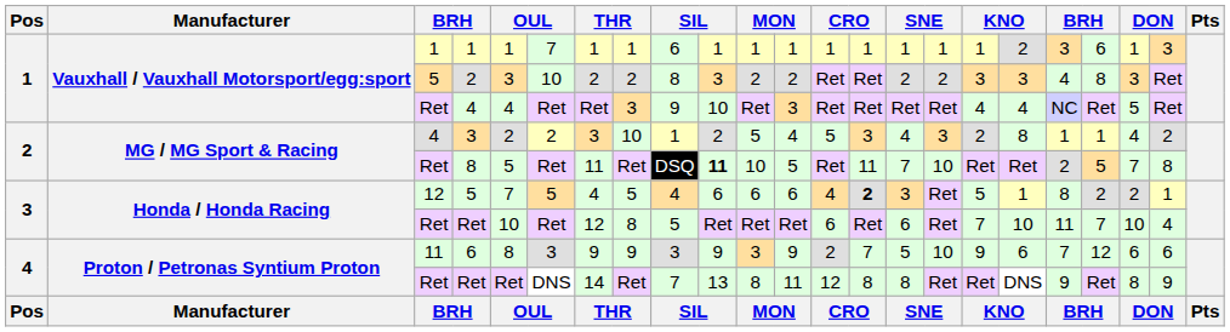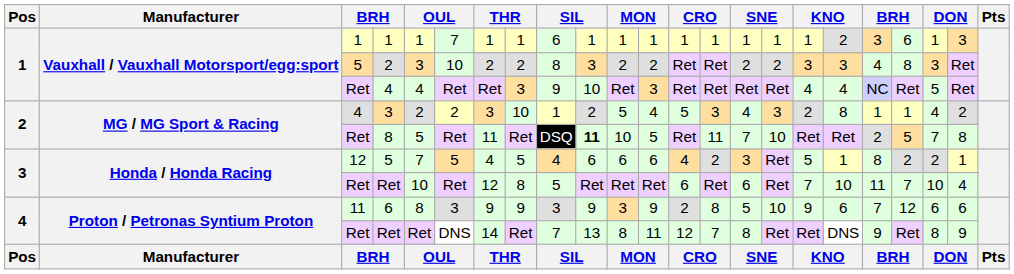 <table class="wikitable" style="font-size: 85%; text-align: center;">
 <tr valign="top">
 <th valign="middle">Pos</th>
 <th valign="middle">Manufacturer</th>
 <th colspan="2"><a href='#'>BRH</a></th>
 <th colspan="2"><a href='#'>OUL</a></th>
 <th colspan="2"><a href='#'>THR</a></th>
 <th colspan="2"><a href='#'>SIL</a></th>
 <th colspan="2"><a href='#'>MON</a></th>
 <th colspan="2"><a href='#'>CRO</a></th>
 <th colspan="2"><a href='#'>SNE</a></th>
 <th colspan="2"><a href='#'>KNO</a></th>
 <th colspan="2"><a href='#'>BRH</a></th>
 <th colspan="2"><a href='#'>DON</a></th>
 <th valign=middle>Pts</th>
 </tr>
 <tr>
 <th rowspan=3>1</th>
 <th rowspan=3 align=left nowrap><a href='#'>Vauxhall</a> / <a href='#'>Vauxhall Motorsport/egg:sport</a></th>
 <td style="background:#FFFFBF;">1</td>
 <td style="background:#FFFFBF;">1</td>
 <td style="background:#FFFFBF;">1</td>
 <td style="background:#DFFFDF;">7</td>
 <td style="background:#FFFFBF;">1</td>
 <td style="background:#FFFFBF;">1</td>
 <td style="background:#DFFFDF;">6</td>
 <td style="background:#FFFFBF;">1</td>
 <td style="background:#FFFFBF;">1</td>
 <td style="background:#FFFFBF;">1</td>
 <td style="background:#FFFFBF;">1</td>
 <td style="background:#FFFFBF;">1</td>
 <td style="background:#FFFFBF;">1</td>
 <td style="background:#FFFFBF;">1</td>
 <td style="background:#FFFFBF;">1</td>
 <td style="background:#DFDFDF;">2</td>
 <td style="background:#FFDF9F;">3</td>
 <td style="background:#DFFFDF;">6</td>
 <td style="background:#FFFFBF;">1</td>
 <td style="background:#FFDF9F;">3</td>
 <th rowspan=3></th>
 </tr>
 <tr>
 <td style="background:#FFDF9F;">5</td>
 <td style="background:#DFDFDF;">2</td>
 <td style="background:#FFDF9F;">3</td>
 <td style="background:#DFFFDF;">10</td>
 <td style="background:#DFDFDF;">2</td>
 <td style="background:#DFDFDF;">2</td>
 <td style="background:#DFFFDF;">8</td>
 <td style="background:#FFDF9F;">3</td>
 <td style="background:#DFDFDF;">2</td>
 <td style="background:#DFDFDF;">2</td>
 <td style="background:#EFCFFF;">Ret</td>
 <td style="background:#EFCFFF;">Ret</td>
 <td style="background:#DFDFDF;">2</td>
 <td style="background:#DFDFDF;">2</td>
 <td style="background:#FFDF9F;">3</td>
 <td style="background:#FFDF9F;">3</td>
 <td style="background:#DFFFDF;">4</td>
 <td style="background:#DFFFDF;">8</td>
 <td style="background:#FFDF9F;">3</td>
 <td style="background:#EFCFFF;">Ret</td>
 </tr>
 <tr>
 <td style="background:#EFCFFF;">Ret</td>
 <td style="background:#DFFFDF;">4</td>
 <td style="background:#DFFFDF;">4</td>
 <td style="background:#EFCFFF;">Ret</td>
 <td style="background:#EFCFFF;">Ret</td>
 <td style="background:#FFDF9F;">3</td>
 <td style="background:#DFFFDF;">9</td>
 <td style="background:#DFFFDF;">10</td>
 <td style="background:#EFCFFF;">Ret</td>
 <td style="background:#FFDF9F;">3</td>
 <td style="background:#EFCFFF;">Ret</td>
 <td style="background:#EFCFFF;">Ret</td>
 <td style="background:#EFCFFF;">Ret</td>
 <td style="background:#EFCFFF;">Ret</td>
 <td style="background:#DFFFDF;">4</td>
 <td style="background:#DFFFDF;">4</td>
 <td style="background:#CFCFFF;">NC</td>
 <td style="background:#EFCFFF;">Ret</td>
 <td style="background:#DFFFDF;">5</td>
 <td style="background:#EFCFFF;">Ret</td>
 </tr>
 <tr>
 <th rowspan=2>2</th>
 <th rowspan=2 align=left><a href='#'>MG</a> / <a href='#'>MG Sport & Racing</a></th>
 <td style="background:#DFDFDF;">4</td>
 <td style="background:#FFDF9F;">3</td>
 <td style="background:#DFDFDF;">2</td>
 <td style="background:#FFFFBF;">2</td>
 <td style="background:#FFDF9F;">3</td>
 <td style="background:#DFFFDF;">10</td>
 <td style="background:#FFFFBF;">1</td>
 <td style="background:#DFDFDF;">2</td>
 <td style="background:#DFFFDF;">5</td>
 <td style="background:#DFFFDF;">4</td>
 <td style="background:#DFFFDF;">5</td>
 <td style="background:#FFDF9F;">3</td>
 <td style="background:#DFFFDF;">4</td>
 <td style="background:#FFDF9F;">3</td>
 <td style="background:#DFDFDF;">2</td>
 <td style="background:#DFFFDF;">8</td>
 <td style="background:#FFFFBF;">1</td>
 <td style="background:#FFFFBF;">1</td>
 <td style="background:#DFFFDF;">4</td>
 <td style="background:#DFDFDF;">2</td>
 <th rowspan=2></th>
 </tr>
 <tr>
 <td style="background:#EFCFFF;">Ret</td>
 <td style="background:#DFFFDF;">8</td>
 <td style="background:#DFFFDF;">5</td>
 <td style="background:#EFCFFF;">Ret</td>
 <td style="background:#DFFFDF;">11</td>
 <td style="background:#EFCFFF;">Ret</td>
 <td style="background:#000000; color:white">DSQ</td>
 <td style="background:#DFFFDF;"><strong>11</strong></td>
 <td style="background:#DFFFDF;">10</td>
 <td style="background:#DFFFDF;">5</td>
 <td style="background:#EFCFFF;">Ret</td>
 <td style="background:#DFFFDF;">11</td>
 <td style="background:#DFFFDF;">7</td>
 <td style="background:#DFFFDF;">10</td>
 <td style="background:#EFCFFF;">Ret</td>
 <td style="background:#EFCFFF;">Ret</td>
 <td style="background:#DFDFDF;">2</td>
 <td style="background:#FFDF9F;">5</td>
 <td style="background:#DFFFDF;">7</td>
 <td style="background:#DFFFDF;">8</td>
 </tr>
 <tr>
 <th rowspan=2>3</th>
 <th rowspan=2 align=left><a href='#'>Honda</a> / <a href='#'>Honda Racing</a></th>
 <td style="background:#DFFFDF;">12</td>
 <td style="background:#DFFFDF;">5</td>
 <td style="background:#DFFFDF;">7</td>
 <td style="background:#FFDF9F;">5</td>
 <td style="background:#DFFFDF;">4</td>
 <td style="background:#DFFFDF;">5</td>
 <td style="background:#FFDF9F;">4</td>
 <td style="background:#DFFFDF;">6</td>
 <td style="background:#DFFFDF;">6</td>
 <td style="background:#DFFFDF;">6</td>
 <td style="background:#FFDF9F;">4</td>
-<td style="background:#DFDFDF;"><strong>2</strong></td>
+<td style="background:#DFDFDF;">2</td>
 <td style="background:#FFDF9F;">3</td>
 <td style="background:#EFCFFF;">Ret</td>
 <td style="background:#DFFFDF;">5</td>
 <td style="background:#FFFFBF;">1</td>
 <td style="background:#DFFFDF;">8</td>
 <td style="background:#DFDFDF;">2</td>
 <td style="background:#DFDFDF;">2</td>
 <td style="background:#FFFFBF;">1</td>
 <th rowspan=2></th>
 </tr>
 <tr>
 <td style="background:#EFCFFF;">Ret</td>
 <td style="background:#EFCFFF;">Ret</td>
 <td style="background:#DFFFDF;">10</td>
 <td style="background:#EFCFFF;">Ret</td>
 <td style="background:#DFFFDF;">12</td>
 <td style="background:#DFFFDF;">8</td>
 <td style="background:#DFFFDF;">5</td>
 <td style="background:#EFCFFF;">Ret</td>
 <td style="background:#EFCFFF;">Ret</td>
 <td style="background:#EFCFFF;">Ret</td>
 <td style="background:#DFFFDF;">6</td>
 <td style="background:#EFCFFF;">Ret</td>
 <td style="background:#DFFFDF;">6</td>
 <td style="background:#EFCFFF;">Ret</td>
 <td style="background:#DFFFDF;">7</td>
 <td style="background:#DFFFDF;">10</td>
 <td style="background:#DFFFDF;">11</td>
 <td style="background:#DFFFDF;">7</td>
 <td style="background:#DFFFDF;">10</td>
 <td style="background:#DFFFDF;">4</td>
 </tr>
 <tr>
 <th rowspan=2>4</th>
 <th rowspan=2 align=left><a href='#'>Proton</a> / <a href='#'>Petronas Syntium Proton</a></th>
 <td style="background:#DFFFDF;">11</td>
 <td style="background:#DFFFDF;">6</td>
 <td style="background:#DFFFDF;">8</td>
 <td style="background:#DFDFDF;">3</td>
 <td style="background:#DFFFDF;">9</td>
 <td style="background:#DFFFDF;">9</td>
 <td style="background:#DFDFDF;">3</td>
 <td style="background:#DFFFDF;">9</td>
 <td style="background:#FFDF9F;">3</td>
 <td style="background:#DFFFDF;">9</td>
 <td style="background:#DFDFDF;">2</td>
-<td style="background:#DFFFDF;">7</td>
+<td style="background:#DFFFDF;">8</td>
 <td style="background:#DFFFDF;">5</td>
 <td style="background:#DFFFDF;">10</td>
 <td style="background:#DFFFDF;">9</td>
 <td style="background:#DFFFDF;">6</td>
 <td style="background:#DFFFDF;">7</td>
 <td style="background:#DFFFDF;">12</td>
 <td style="background:#DFFFDF;">6</td>
 <td style="background:#DFFFDF;">6</td>
 <th rowspan=2></th>
 </tr>
 <tr>
 <td style="background:#EFCFFF;">Ret</td>
 <td style="background:#EFCFFF;">Ret</td>
 <td style="background:#EFCFFF;">Ret</td>
 <td style="background:#FFFFFF;">DNS</td>
 <td style="background:#DFFFDF;">14</td>
 <td style="background:#EFCFFF;">Ret</td>
 <td style="background:#DFFFDF;">7</td>
 <td style="background:#DFFFDF;">13</td>
 <td style="background:#DFFFDF;">8</td>
 <td style="background:#DFFFDF;">11</td>
 <td style="background:#DFFFDF;">12</td>
-<td style="background:#DFFFDF;">8</td>
+<td style="background:#DFFFDF;">7</td>
 <td style="background:#DFFFDF;">8</td>
 <td style="background:#EFCFFF;">Ret</td>
 <td style="background:#EFCFFF;">Ret</td>
 <td style="background:#FFFFFF;">DNS</td>
 <td style="background:#DFFFDF;">9</td>
 <td style="background:#EFCFFF;">Ret</td>
 <td style="background:#DFFFDF;">8</td>
 <td style="background:#DFFFDF;">9</td>
 </tr>
 <tr>
 <th valign="middle">Pos</th>
 <th valign="middle">Manufacturer</th>
 <th colspan="2"><a href='#'>BRH</a></th>
 <th colspan="2"><a href='#'>OUL</a></th>
 <th colspan="2"><a href='#'>THR</a></th>
 <th colspan="2"><a href='#'>SIL</a></th>
 <th colspan="2"><a href='#'>MON</a></th>
 <th colspan="2"><a href='#'>CRO</a></th>
 <th colspan="2"><a href='#'>SNE</a></th>
 <th colspan="2"><a href='#'>KNO</a></th>
 <th colspan="2"><a href='#'>BRH</a></th>
 <th colspan="2"><a href='#'>DON</a></th>
 <th valign=middle>Pts</th>
 </tr>
 </table>
